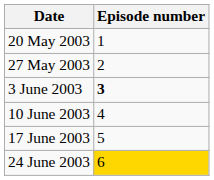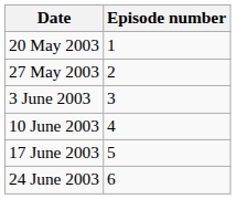 <table class="wikitable">
 <tr>
 <th>Date</th>
 <th>Episode number</th>
 </tr>
 <tr>
 <td>20 May 2003</td>
 <td>1</td>
 </tr>
 <tr>
 <td>27 May 2003</td>
 <td>2</td>
 </tr>
 <tr>
 <td>3 June 2003</td>
-<td><strong>3</strong></td>
+<td>3</td>
 </tr>
 <tr>
 <td>10 June 2003</td>
 <td>4</td>
 </tr>
 <tr>
 <td>17 June 2003</td>
 <td>5</td>
 </tr>
 <tr>
 <td>24 June 2003</td>
-<td style="background: gold;">6</td>
+<td>6</td>
 </tr>
 </table>
